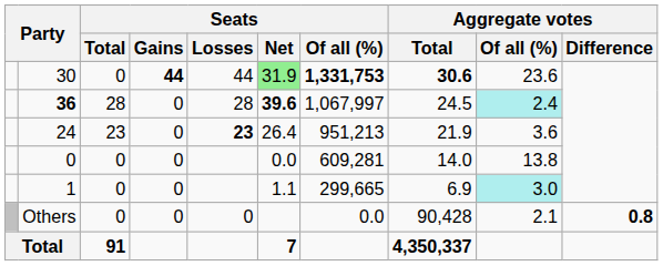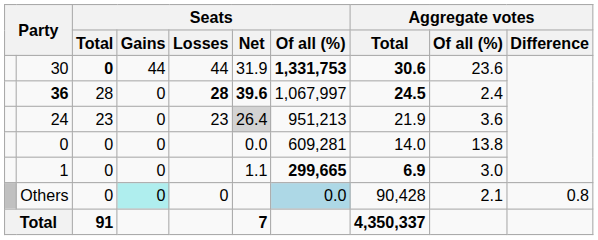 <table class="wikitable sortable" style="text-align:right; font-size:95%;">
 <tr>
 <th colspan="2" rowspan="2">Party</th>
 <th colspan="5">Seats</th>
 <th colspan="3">Aggregate votes</th>
 </tr>
 <tr>
 <th>Total</th>
 <th>Gains</th>
 <th>Losses</th>
 <th>Net</th>
 <th>Of all (%)</th>
 <th>Total</th>
 <th>Of all (%)</th>
 <th>Difference</th>
 </tr>
 <tr>
 <td></td>
 <td>30</td>
-<td>0</td>
-<td><strong>44</strong></td>
+<td><strong>0</strong></td>
 <td>44</td>
-<td style="background: lightgreen;">31.9</td>
+<td>44</td>
+<td>31.9</td>
 <td><strong>1,331,753</strong></td>
 <td><strong>30.6</strong></td>
 <td>23.6</td>
 </tr>
 <tr>
 <td></td>
 <td><strong>36</strong></td>
 <td>28</td>
 <td>0</td>
-<td>28</td>
+<td><strong>28</strong></td>
 <td><strong>39.6</strong></td>
 <td>1,067,997</td>
-<td>24.5</td>
-<td style="background: paleturquoise;">2.4</td>
+<td><strong>24.5</strong></td>
+<td>2.4</td>
 </tr>
 <tr>
 <td></td>
 <td>24</td>
 <td>23</td>
 <td>0</td>
-<td><strong>23</strong></td>
-<td>26.4</td>
+<td>23</td>
+<td style="background: lightgrey;">26.4</td>
 <td>951,213</td>
 <td>21.9</td>
 <td>3.6</td>
 </tr>
 <tr>
 <td></td>
 <td>0</td>
 <td>0</td>
 <td>0</td>
 <td></td>
 <td>0.0</td>
 <td>609,281</td>
 <td>14.0</td>
 <td>13.8</td>
 </tr>
 <tr>
 <td></td>
 <td>1</td>
 <td>0</td>
 <td>0</td>
 <td></td>
 <td>1.1</td>
-<td>299,665</td>
-<td>6.9</td>
-<td style="background: paleturquoise;">3.0</td>
+<td><strong>299,665</strong></td>
+<td><strong>6.9</strong></td>
+<td>3.0</td>
 </tr>
 <tr>
 <td style="background:silver;"> </td>
 <td align=left>Others</td>
 <td>0</td>
-<td>0</td>
+<td style="background: paleturquoise;">0</td>
 <td>0</td>
 <td></td>
-<td>0.0</td>
+<td style="background: lightblue;">0.0</td>
 <td>90,428</td>
 <td>2.1</td>
-<td><strong>0.8</strong></td>
+<td>0.8</td>
 </tr>
 <tr class="sortbottom" style="font-weight:bold;">
 <th colspan="2" scope="row" style="background-color:#f2f2f2;">Total</th>
 <td>91</td>
 <td></td>
 <td></td>
 <td> 7</td>
 <td></td>
 <td>4,350,337</td>
 <td></td>
 <td></td>
 </tr>
 </table>
